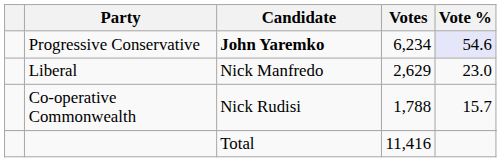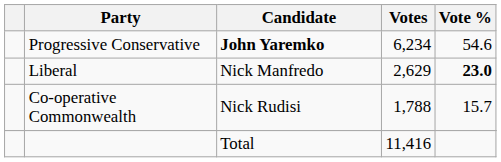 <table class="wikitable">
 <tr>
 <th></th>
 <th scope="col" width="175">Party</th>
 <th scope="col" width="150">Candidate</th>
 <th>Votes</th>
 <th>Vote %</th>
 </tr>
 <tr>
 <td>   </td>
 <td>Progressive Conservative</td>
 <td><strong>John Yaremko</strong></td>
 <td align=right>6,234</td>
-<td align=right style="background: lavender;">54.6</td>
+<td align=right>54.6</td>
 </tr>
 <tr>
 <td>   </td>
 <td>Liberal</td>
 <td>Nick Manfredo</td>
 <td align=right>2,629</td>
-<td align=right>23.0</td>
+<td align=right><strong>23.0</strong></td>
 </tr>
 <tr>
 <td>   </td>
 <td>Co-operative Commonwealth</td>
 <td>Nick Rudisi</td>
 <td align=right>1,788</td>
 <td align=right>15.7</td>
 </tr>
 <tr>
 </tr>
 <tr>
 <td></td>
 <td></td>
 <td>Total</td>
 <td align=right>11,416</td>
 <td></td>
 </tr>
 </table>
